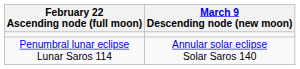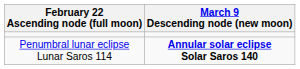 <table class="wikitable">
 <tr>
 <th>February 22<br>Ascending node (full moon)<br></th>
 <th><a href='#'>March 9</a><br>Descending node (new moon)<br></th>
 </tr>
 <tr>
 <td></td>
 <td></td>
 </tr>
 <tr align=center>
 <td><a href='#'>Penumbral lunar eclipse</a><br>Lunar Saros 114</td>
-<td><a href='#'>Annular solar eclipse</a><br>Solar Saros 140</td>
+<td><strong><a href='#'>Annular solar eclipse</a><br>Solar Saros 140</strong></td>
 </tr>
 </table>
